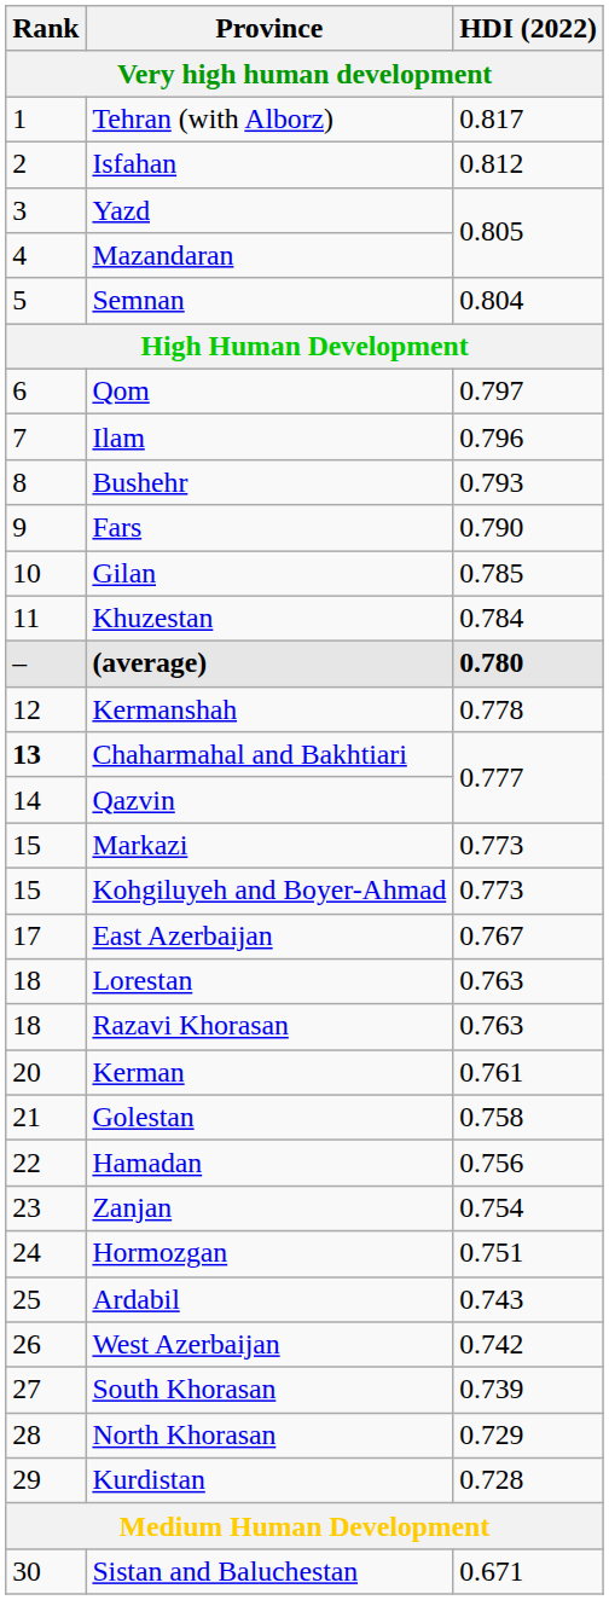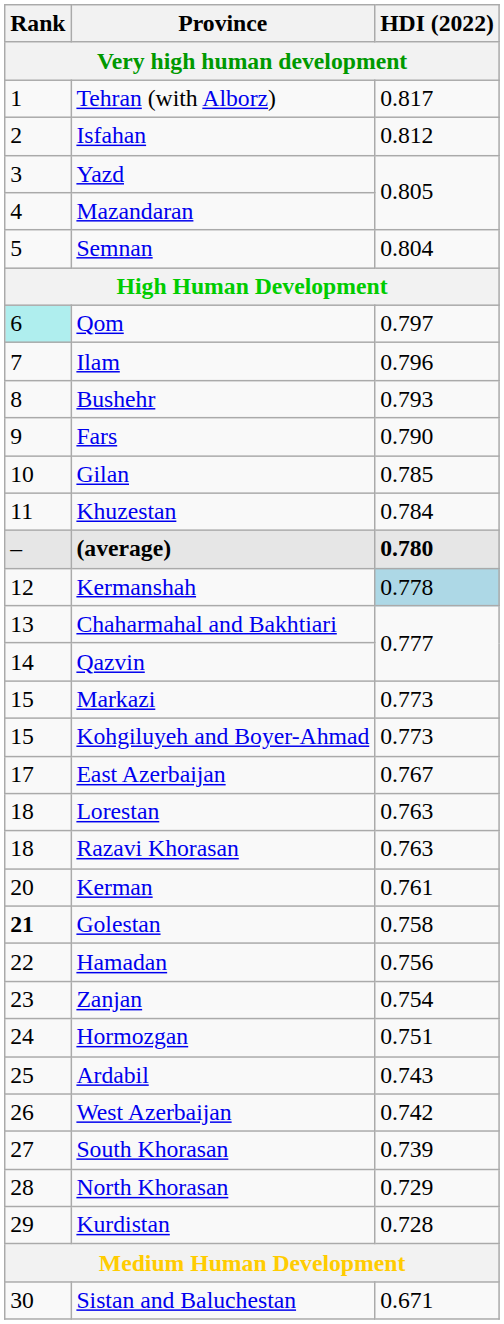 <table class="wikitable sortable">
 <tr>
 <th>Rank</th>
 <th>Province</th>
 <th>HDI (2022)</th>
 </tr>
 <tr>
 <th colspan="3" style="color:#090;">Very high human development</th>
 </tr>
 <tr>
 <td>1</td>
 <td><a href='#'>Tehran</a> (with <a href='#'>Alborz</a>)</td>
 <td>0.817</td>
 </tr>
 <tr>
 <td>2</td>
 <td><a href='#'>Isfahan</a></td>
 <td>0.812</td>
 </tr>
 <tr>
 <td>3</td>
 <td><a href='#'>Yazd</a></td>
 <td rowspan="2">0.805</td>
 </tr>
 <tr>
 <td>4</td>
 <td><a href='#'>Mazandaran</a></td>
 </tr>
 <tr>
 <td>5</td>
 <td><a href='#'>Semnan</a></td>
 <td>0.804</td>
 </tr>
 <tr>
 <th colspan="3" style="color:#0c0;">High Human Development</th>
 </tr>
 <tr>
-<td>6</td>
+<td style="background: paleturquoise;">6</td>
 <td><a href='#'>Qom</a></td>
 <td>0.797</td>
 </tr>
 <tr>
 <td>7</td>
 <td><a href='#'>Ilam</a></td>
 <td>0.796</td>
 </tr>
 <tr>
 <td>8</td>
 <td><a href='#'>Bushehr</a></td>
 <td>0.793</td>
 </tr>
 <tr>
 <td>9</td>
 <td><a href='#'>Fars</a></td>
 <td>0.790</td>
 </tr>
 <tr>
 <td>10</td>
 <td><a href='#'>Gilan</a></td>
 <td>0.785</td>
 </tr>
 <tr>
 <td>11</td>
 <td><a href='#'>Khuzestan</a></td>
 <td>0.784</td>
 </tr>
 <tr style="background:#e6e6e6">
 <td>–</td>
 <td><strong> (average)</strong></td>
 <td><strong>0.780</strong></td>
 </tr>
 <tr>
 <td>12</td>
 <td><a href='#'>Kermanshah</a></td>
-<td>0.778</td>
+<td style="background: lightblue;">0.778</td>
 </tr>
 <tr>
-<td><strong>13</strong></td>
+<td>13</td>
 <td><a href='#'>Chaharmahal and Bakhtiari</a></td>
 <td rowspan="2">0.777</td>
 </tr>
 <tr>
 <td>14</td>
 <td><a href='#'>Qazvin</a></td>
 </tr>
 <tr>
 <td>15</td>
 <td><a href='#'>Markazi</a></td>
 <td>0.773</td>
 </tr>
 <tr>
 <td>15</td>
 <td><a href='#'>Kohgiluyeh and Boyer-Ahmad</a></td>
 <td>0.773</td>
 </tr>
 <tr>
 <td>17</td>
 <td><a href='#'>East Azerbaijan</a></td>
 <td>0.767</td>
 </tr>
 <tr>
 <td>18</td>
 <td><a href='#'>Lorestan</a></td>
 <td>0.763</td>
 </tr>
 <tr>
 <td>18</td>
 <td><a href='#'>Razavi Khorasan</a></td>
 <td>0.763</td>
 </tr>
 <tr>
 <td>20</td>
 <td><a href='#'>Kerman</a></td>
 <td>0.761</td>
 </tr>
 <tr>
-<td>21</td>
+<td><strong>21</strong></td>
 <td><a href='#'>Golestan</a></td>
 <td>0.758</td>
 </tr>
 <tr>
 <td>22</td>
 <td><a href='#'>Hamadan</a></td>
 <td>0.756</td>
 </tr>
 <tr>
 <td>23</td>
 <td><a href='#'>Zanjan</a></td>
 <td>0.754</td>
 </tr>
 <tr>
 <td>24</td>
 <td><a href='#'>Hormozgan</a></td>
 <td>0.751</td>
 </tr>
 <tr>
 <td>25</td>
 <td><a href='#'>Ardabil</a></td>
 <td>0.743</td>
 </tr>
 <tr>
 <td>26</td>
 <td><a href='#'>West Azerbaijan</a></td>
 <td>0.742</td>
 </tr>
 <tr>
 <td>27</td>
 <td><a href='#'>South Khorasan</a></td>
 <td>0.739</td>
 </tr>
 <tr>
 <td>28</td>
 <td><a href='#'>North Khorasan</a></td>
 <td>0.729</td>
 </tr>
 <tr>
 <td>29</td>
 <td><a href='#'>Kurdistan</a></td>
 <td>0.728</td>
 </tr>
 <tr>
 <th colspan="3" style="color:#fc0;">Medium Human Development</th>
 </tr>
 <tr>
 <td>30</td>
 <td><a href='#'>Sistan and Baluchestan</a></td>
 <td>0.671</td>
 </tr>
 </table>
